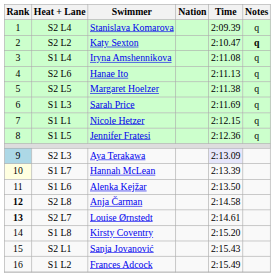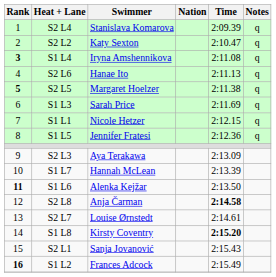 <table class="wikitable sortable" style="text-align:center">
 <tr>
 <th>Rank</th>
 <th>Heat + Lane</th>
 <th>Swimmer</th>
 <th>Nation</th>
 <th>Time</th>
 <th>Notes</th>
 </tr>
 <tr bgcolor=ccffcc>
 <td>1</td>
 <td>S2 L4</td>
 <td align=left><a href='#'>Stanislava Komarova</a></td>
 <td align=left></td>
 <td>2:09.39</td>
 <td>q</td>
 </tr>
 <tr bgcolor=ccffcc>
 <td>2</td>
 <td>S2 L2</td>
 <td align=left><a href='#'>Katy Sexton</a></td>
 <td align=left></td>
 <td>2:10.47</td>
-<td><strong>q</strong></td>
+<td>q</td>
 </tr>
 <tr bgcolor=ccffcc>
-<td>3</td>
+<td><strong>3</strong></td>
 <td>S1 L4</td>
 <td align=left><a href='#'>Iryna Amshennikova</a></td>
 <td align=left></td>
 <td>2:11.08</td>
 <td>q</td>
 </tr>
 <tr bgcolor=ccffcc>
 <td>4</td>
 <td>S2 L6</td>
 <td align=left><a href='#'>Hanae Ito</a></td>
 <td align=left></td>
 <td>2:11.13</td>
 <td>q</td>
 </tr>
 <tr bgcolor=ccffcc>
-<td>5</td>
+<td><strong>5</strong></td>
 <td>S2 L5</td>
 <td align=left><a href='#'>Margaret Hoelzer</a></td>
 <td align=left></td>
 <td>2:11.38</td>
 <td>q</td>
 </tr>
 <tr bgcolor=ccffcc>
 <td>6</td>
 <td>S1 L3</td>
 <td align=left><a href='#'>Sarah Price</a></td>
 <td align=left></td>
 <td>2:11.69</td>
 <td>q</td>
 </tr>
 <tr bgcolor=ccffcc>
 <td>7</td>
 <td>S1 L1</td>
 <td align=left><a href='#'>Nicole Hetzer</a></td>
 <td align=left></td>
 <td>2:12.15</td>
 <td>q</td>
 </tr>
 <tr bgcolor=ccffcc>
 <td>8</td>
 <td>S1 L5</td>
 <td align=left><a href='#'>Jennifer Fratesi</a></td>
 <td align=left></td>
 <td>2:12.36</td>
 <td>q</td>
 </tr>
 <tr bgcolor=#DDDDDD>
 <td colspan=6></td>
 </tr>
 <tr>
-<td style="background: lightblue;">9</td>
+<td>9</td>
 <td>S2 L3</td>
 <td align=left><a href='#'>Aya Terakawa</a></td>
 <td align=left></td>
-<td style="background: lavender;">2:13.09</td>
+<td>2:13.09</td>
 <td></td>
 </tr>
 <tr>
-<td style="background: lightyellow;">10</td>
+<td>10</td>
 <td>S1 L7</td>
 <td align=left><a href='#'>Hannah McLean</a></td>
 <td align=left></td>
 <td>2:13.39</td>
 <td></td>
 </tr>
 <tr>
-<td>11</td>
+<td><strong>11</strong></td>
 <td>S1 L6</td>
 <td align=left><a href='#'>Alenka Kejžar</a></td>
 <td align=left></td>
 <td>2:13.50</td>
 <td></td>
 </tr>
 <tr>
-<td><strong>12</strong></td>
+<td>12</td>
 <td>S2 L8</td>
 <td align=left><a href='#'>Anja Čarman</a></td>
 <td align=left></td>
-<td>2:14.58</td>
+<td><strong>2:14.58</strong></td>
 <td></td>
 </tr>
 <tr>
-<td><strong>13</strong></td>
+<td>13</td>
 <td>S2 L7</td>
 <td align=left><a href='#'>Louise Ørnstedt</a></td>
 <td align=left></td>
 <td>2:14.61</td>
 <td></td>
 </tr>
 <tr>
 <td>14</td>
 <td>S1 L8</td>
 <td align=left><a href='#'>Kirsty Coventry</a></td>
 <td align=left></td>
-<td>2:15.20</td>
+<td><strong>2:15.20</strong></td>
 <td></td>
 </tr>
 <tr>
 <td>15</td>
 <td>S2 L1</td>
 <td align=left><a href='#'>Sanja Jovanović</a></td>
 <td align=left></td>
 <td>2:15.43</td>
 <td></td>
 </tr>
 <tr>
-<td>16</td>
+<td><strong>16</strong></td>
 <td>S1 L2</td>
 <td align=left><a href='#'>Frances Adcock</a></td>
 <td align=left></td>
 <td>2:15.49</td>
 <td></td>
 </tr>
 <tr>
 </tr>
 </table>
